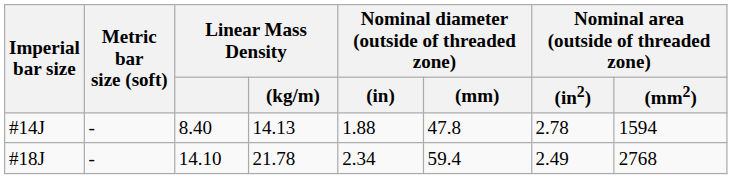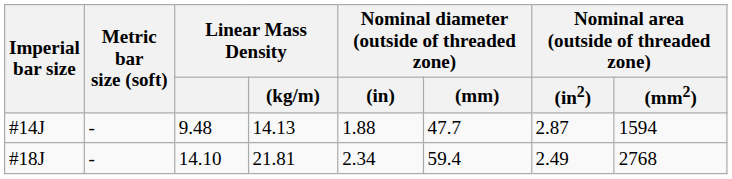 <table class="wikitable">
 <tr>
 <th rowspan=2>Imperial<br>bar size</th>
 <th rowspan=2>Metric bar<br>size (soft)</th>
 <th colspan=2>Linear Mass Density</th>
 <th colspan=2>Nominal diameter<br>(outside of threaded zone)</th>
 <th colspan=2>Nominal area<br>(outside of threaded zone)</th>
 </tr>
 <tr>
 <th></th>
 <th>(kg/m)</th>
 <th>(in)</th>
 <th>(mm)</th>
 <th>(in<sup>2</sup>)</th>
 <th>(mm<sup>2</sup>)</th>
 </tr>
 <tr>
 <td>#14J</td>
 <td>-</td>
-<td>8.40</td>
+<td>9.48</td>
 <td>14.13</td>
 <td>1.88</td>
-<td>47.8</td>
-<td>2.78</td>
+<td>47.7</td>
+<td>2.87</td>
 <td>1594<br></td>
 </tr>
 <tr>
 <td>#18J</td>
 <td>-</td>
 <td>14.10</td>
-<td>21.78</td>
+<td>21.81</td>
 <td>2.34</td>
 <td>59.4</td>
 <td>2.49</td>
 <td>2768</td>
 </tr>
 </table>
